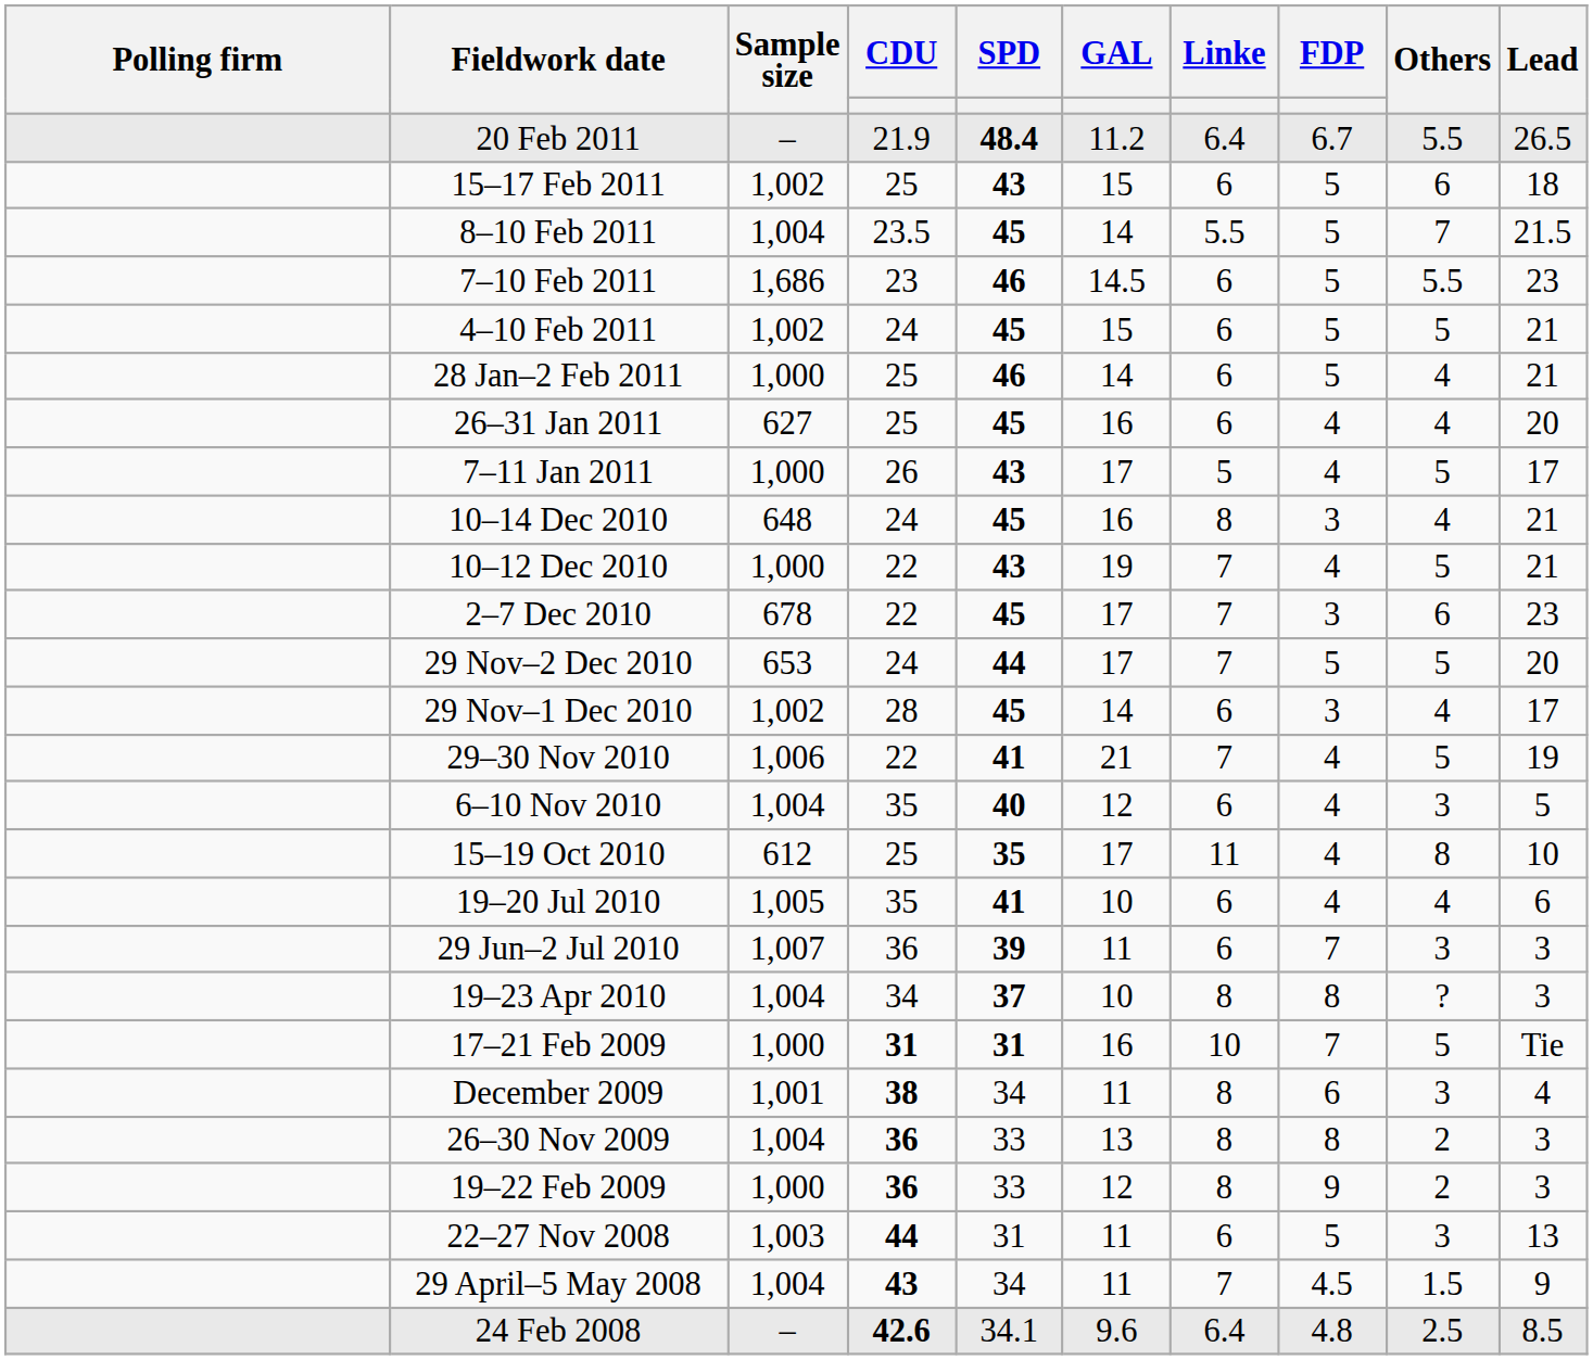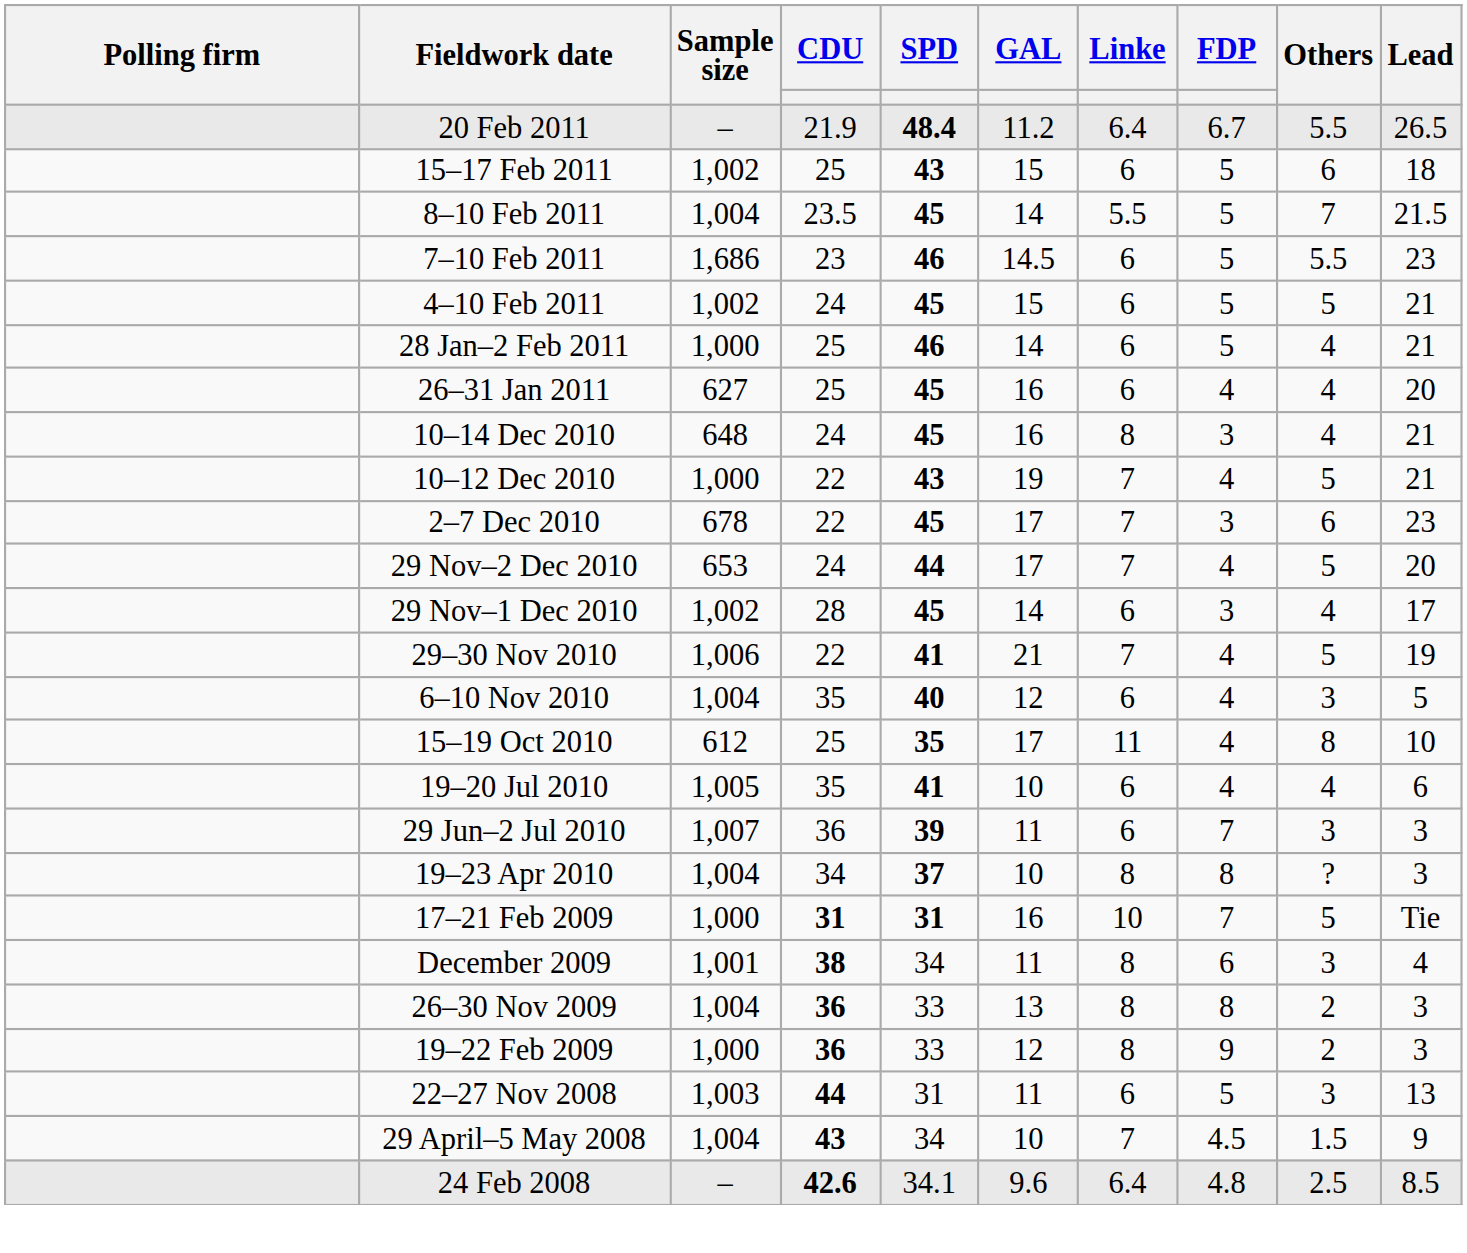 <table class="wikitable sortable" style="text-align:center;font-size:90%;line-height:14px;">
 <tr style="height:40px;">
 <th style="width:160px;" rowspan="2">Polling firm</th>
 <th style="width:140px;" rowspan="2">Fieldwork date</th>
 <th style="width:35px;" rowspan="2">Sample<br>size</th>
 <th class="unsortable" style="width:40px;"><a href='#'>CDU</a></th>
 <th class="unsortable" style="width:40px;"><a href='#'>SPD</a></th>
 <th class="unsortable" style="width:40px;"><a href='#'>GAL</a></th>
 <th class="unsortable" style="width:40px;"><a href='#'>Linke</a></th>
 <th class="unsortable" style="width:40px;"><a href='#'>FDP</a></th>
 <th class="unsortable" style="width:40px;" rowspan="2">Others</th>
 <th style="width:30px;" rowspan="2">Lead</th>
 </tr>
 <tr>
 <th style="background:"></th>
 <th style="background:"></th>
 <th style="background:"></th>
 <th style="background:"></th>
 <th style="background:"></th>
 </tr>
 <tr style="background:#E9E9E9;">
 <td></td>
 <td data-sort-value="2011-02-20">20 Feb 2011</td>
 <td>–</td>
 <td>21.9</td>
 <td><strong>48.4</strong></td>
 <td>11.2</td>
 <td>6.4</td>
 <td>6.7</td>
 <td>5.5</td>
 <td style="background:">26.5</td>
 </tr>
 <tr>
 <td></td>
 <td data-sort-value="2011-02-17">15–17 Feb 2011</td>
 <td>1,002</td>
 <td>25</td>
 <td><strong>43</strong></td>
 <td>15</td>
 <td>6</td>
 <td>5</td>
 <td>6</td>
 <td style="background:">18</td>
 </tr>
 <tr>
 <td></td>
 <td data-sort-value="2011-02-10">8–10 Feb 2011</td>
 <td>1,004</td>
 <td>23.5</td>
 <td><strong>45</strong></td>
 <td>14</td>
 <td>5.5</td>
 <td>5</td>
 <td>7</td>
 <td style="background:">21.5</td>
 </tr>
 <tr>
 <td></td>
 <td data-sort-value="2011-02-11">7–10 Feb 2011</td>
 <td>1,686</td>
 <td>23</td>
 <td><strong>46</strong></td>
 <td>14.5</td>
 <td>6</td>
 <td>5</td>
 <td>5.5</td>
 <td style="background:">23</td>
 </tr>
 <tr>
 <td></td>
 <td data-sort-value="2011-02-13">4–10 Feb 2011</td>
 <td>1,002</td>
 <td>24</td>
 <td><strong>45</strong></td>
 <td>15</td>
 <td>6</td>
 <td>5</td>
 <td>5</td>
 <td style="background:">21</td>
 </tr>
 <tr>
 <td></td>
 <td data-sort-value="2011-02-03">28 Jan–2 Feb 2011</td>
 <td>1,000</td>
 <td>25</td>
 <td><strong>46</strong></td>
 <td>14</td>
 <td>6</td>
 <td>5</td>
 <td>4</td>
 <td style="background:">21</td>
 </tr>
 <tr>
 <td></td>
 <td data-sort-value="2011-02-01">26–31 Jan 2011</td>
 <td>627</td>
 <td>25</td>
 <td><strong>45</strong></td>
 <td>16</td>
 <td>6</td>
 <td>4</td>
 <td>4</td>
 <td style="background:">20</td>
 </tr>
 <tr>
 <td></td>
-<td data-sort-value="2011-01-13">7–11 Jan 2011</td>
-<td>1,000</td>
-<td>26</td>
-<td><strong>43</strong></td>
-<td>17</td>
-<td>5</td>
-<td>4</td>
-<td>5</td>
-<td style="background:">17</td>
-</tr>
-<tr>
-<td></td>
 <td data-sort-value="2010-12-15">10–14 Dec 2010</td>
 <td>648</td>
 <td>24</td>
 <td><strong>45</strong></td>
 <td>16</td>
 <td>8</td>
 <td>3</td>
 <td>4</td>
 <td style="background:">21</td>
 </tr>
 <tr>
 <td></td>
 <td data-sort-value="2010-12-13">10–12 Dec 2010</td>
 <td>1,000</td>
 <td>22</td>
 <td><strong>43</strong></td>
 <td>19</td>
 <td>7</td>
 <td>4</td>
 <td>5</td>
 <td style="background:">21</td>
 </tr>
 <tr>
 <td></td>
 <td data-sort-value="2010-12-08">2–7 Dec 2010</td>
 <td>678</td>
 <td>22</td>
 <td><strong>45</strong></td>
 <td>17</td>
 <td>7</td>
 <td>3</td>
 <td>6</td>
 <td style="background:">23</td>
 </tr>
 <tr>
 <td></td>
 <td data-sort-value="2010-12-02">29 Nov–2 Dec 2010</td>
 <td>653</td>
 <td>24</td>
 <td><strong>44</strong></td>
 <td>17</td>
 <td>7</td>
-<td>5</td>
+<td>4</td>
 <td>5</td>
 <td style="background:">20</td>
 </tr>
 <tr>
 <td></td>
 <td data-sort-value="2010-12-01">29 Nov–1 Dec 2010</td>
 <td>1,002</td>
 <td>28</td>
 <td><strong>45</strong></td>
 <td>14</td>
 <td>6</td>
 <td>3</td>
 <td>4</td>
 <td style="background:">17</td>
 </tr>
 <tr>
 <td></td>
 <td data-sort-value="2010-12-01">29–30 Nov 2010</td>
 <td>1,006</td>
 <td>22</td>
 <td><strong>41</strong></td>
 <td>21</td>
 <td>7</td>
 <td>4</td>
 <td>5</td>
 <td style="background:">19</td>
 </tr>
 <tr>
 <td></td>
 <td data-sort-value="2010-11-12">6–10 Nov 2010</td>
 <td>1,004</td>
 <td>35</td>
 <td><strong>40</strong></td>
 <td>12</td>
 <td>6</td>
 <td>4</td>
 <td>3</td>
 <td style="background:">5</td>
 </tr>
 <tr>
 <td></td>
 <td data-sort-value="2010-10-20">15–19 Oct 2010</td>
 <td>612</td>
 <td>25</td>
 <td><strong>35</strong></td>
 <td>17</td>
 <td>11</td>
 <td>4</td>
 <td>8</td>
 <td style="background:">10</td>
 </tr>
 <tr>
 <td></td>
 <td data-sort-value="2010-07-21">19–20 Jul 2010</td>
 <td>1,005</td>
 <td>35</td>
 <td><strong>41</strong></td>
 <td>10</td>
 <td>6</td>
 <td>4</td>
 <td>4</td>
 <td style="background:">6</td>
 </tr>
 <tr>
 <td></td>
 <td data-sort-value="2010-07-08">29 Jun–2 Jul 2010</td>
 <td>1,007</td>
 <td>36</td>
 <td><strong>39</strong></td>
 <td>11</td>
 <td>6</td>
 <td>7</td>
 <td>3</td>
 <td style="background:">3</td>
 </tr>
 <tr>
 <td></td>
 <td data-sort-value="2010-04-26">19–23 Apr 2010</td>
 <td>1,004</td>
 <td>34</td>
 <td><strong>37</strong></td>
 <td>10</td>
 <td>8</td>
 <td>8</td>
 <td>?</td>
 <td style="background:">3</td>
 </tr>
 <tr>
 <td></td>
 <td data-sort-value="2010-02-22">17–21 Feb 2009</td>
 <td>1,000</td>
 <td><strong>31</strong></td>
 <td><strong>31</strong></td>
 <td>16</td>
 <td>10</td>
 <td>7</td>
 <td>5</td>
 <td data-sort-value="0">Tie</td>
 </tr>
 <tr>
 <td></td>
 <td data-sort-value="2009-12-20">December 2009</td>
 <td>1,001</td>
 <td><strong>38</strong></td>
 <td>34</td>
 <td>11</td>
 <td>8</td>
 <td>6</td>
 <td>3</td>
 <td style="background:">4</td>
 </tr>
 <tr>
 <td></td>
 <td data-sort-value="2009-12-02">26–30 Nov 2009</td>
 <td>1,004</td>
 <td><strong>36</strong></td>
 <td>33</td>
 <td>13</td>
 <td>8</td>
 <td>8</td>
 <td>2</td>
 <td style="background:">3</td>
 </tr>
 <tr>
 <td></td>
 <td data-sort-value="2009-02-26">19–22 Feb 2009</td>
 <td>1,000</td>
 <td><strong>36</strong></td>
 <td>33</td>
 <td>12</td>
 <td>8</td>
 <td>9</td>
 <td>2</td>
 <td style="background:">3</td>
 </tr>
 <tr>
 <td></td>
 <td data-sort-value="2008-11-28">22–27 Nov 2008</td>
 <td>1,003</td>
 <td><strong>44</strong></td>
 <td>31</td>
 <td>11</td>
 <td>6</td>
 <td>5</td>
 <td>3</td>
 <td style="background:">13</td>
 </tr>
 <tr>
 <td></td>
 <td data-sort-value="2008-05-06">29 April–5 May 2008</td>
 <td>1,004</td>
 <td><strong>43</strong></td>
 <td>34</td>
-<td>11</td>
+<td>10</td>
 <td>7</td>
 <td>4.5</td>
 <td>1.5</td>
 <td style="background:">9</td>
 </tr>
 <tr style="background:#E9E9E9;">
 <td></td>
 <td data-sort-value="2008-02-24">24 Feb 2008</td>
 <td>–</td>
 <td><strong>42.6</strong></td>
 <td>34.1</td>
 <td>9.6</td>
 <td>6.4</td>
 <td>4.8</td>
 <td>2.5</td>
 <td style="background:">8.5</td>
 </tr>
 </table>
